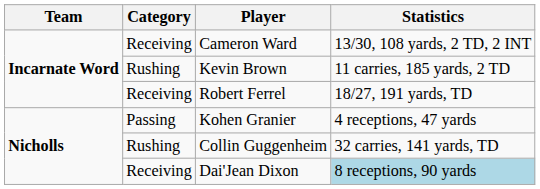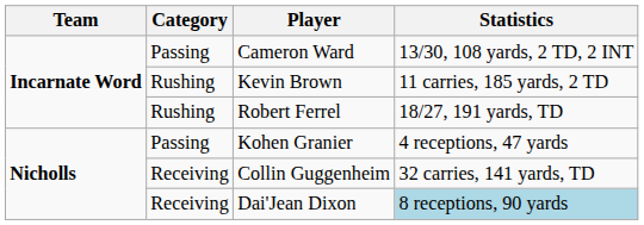 <table class="wikitable" style="float: left;">
 <tr>
 <th>Team</th>
 <th>Category</th>
 <th>Player</th>
 <th>Statistics</th>
 </tr>
 <tr>
 <td rowspan=3><strong>Incarnate Word</strong></td>
-<td>Receiving</td>
+<td>Passing</td>
 <td>Cameron Ward</td>
 <td>13/30, 108 yards, 2 TD, 2 INT</td>
 </tr>
 <tr>
 <td>Rushing</td>
 <td>Kevin Brown</td>
 <td>11 carries, 185 yards, 2 TD</td>
 </tr>
 <tr>
-<td>Receiving</td>
+<td>Rushing</td>
 <td>Robert Ferrel</td>
 <td>18/27, 191 yards, TD</td>
 </tr>
 <tr>
 <td rowspan=3><strong>Nicholls</strong></td>
 <td>Passing</td>
 <td>Kohen Granier</td>
 <td>4 receptions, 47 yards</td>
 </tr>
 <tr>
-<td>Rushing</td>
+<td>Receiving</td>
 <td>Collin Guggenheim</td>
 <td>32 carries, 141 yards, TD</td>
 </tr>
 <tr>
 <td>Receiving</td>
 <td>Dai'Jean Dixon</td>
 <td style="background: lightblue;">8 receptions, 90 yards</td>
 </tr>
 </table>
